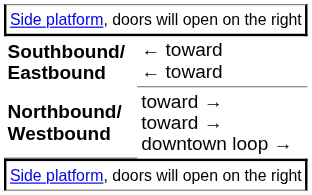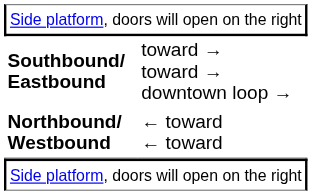 <table table border=0 cellspacing=0 cellpadding=3>
 <tr>
 <td style="border-bottom:solid 2px black;border-right:solid 2px black;border-left:solid 2px black;border-top:solid 1px gray;text-align:center;" colspan=2><small><a href='#'>Side platform</a>, doors will open on the right</small></td>
 </tr>
 <tr>
 <td><strong>Southbound/<br>Eastbound</strong></td>
-<td style="border-bottom:solid 1px gray;">← <strong></strong> toward  <br>← <strong></strong> toward  </td>
+<td> <strong></strong> toward   →<br> <strong></strong> toward   →<br> <strong></strong> downtown loop  →</td>
 </tr>
 <tr>
 <td style="border-bottom:solid 1px gray;"><strong>Northbound/<br>Westbound</strong></td>
-<td> <strong></strong> toward   →<br> <strong></strong> toward   →<br> <strong></strong> downtown loop  →</td>
+<td style="border-bottom:solid 1px gray;">← <strong></strong> toward  <br>← <strong></strong> toward  </td>
 </tr>
 <tr>
 <td style="border-top:solid 2px black;border-right:solid 2px black;border-left:solid 2px black;border-bottom:solid 1px gray;text-align:center;" colspan=2><small><a href='#'>Side platform</a>, doors will open on the right</small></td>
 </tr>
 </table>
